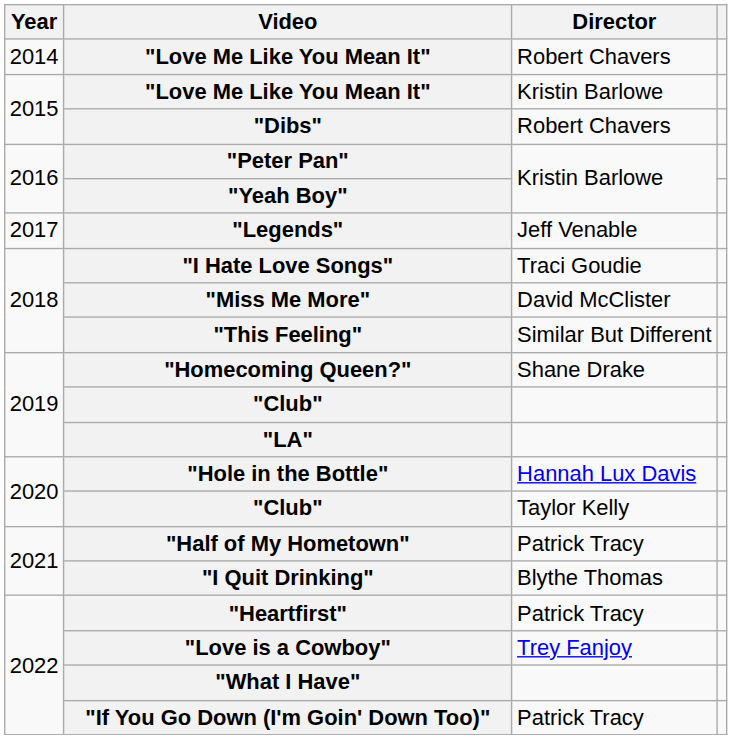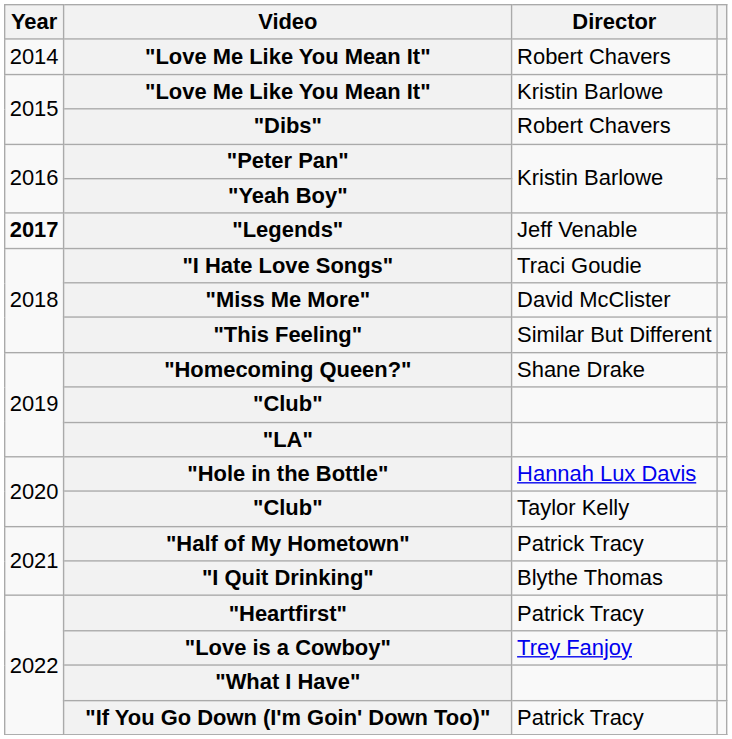 <table class="wikitable plainrowheaders">
 <tr>
 <th>Year</th>
 <th style="width:20em;">Video</th>
 <th>Director</th>
 <th></th>
 </tr>
 <tr>
 <td>2014</td>
 <th scope="row">"Love Me Like You Mean It" </th>
 <td>Robert Chavers</td>
 <td></td>
 </tr>
 <tr>
 <td rowspan="2">2015</td>
 <th scope="row">"Love Me Like You Mean It"</th>
 <td>Kristin Barlowe</td>
 <td></td>
 </tr>
 <tr>
 <th scope="row">"Dibs"</th>
 <td>Robert Chavers</td>
 <td></td>
 </tr>
 <tr>
 <td rowspan="2">2016</td>
 <th scope="row">"Peter Pan"</th>
 <td rowspan="2">Kristin Barlowe</td>
 <td></td>
 </tr>
 <tr>
 <th scope="row">"Yeah Boy"</th>
 <td></td>
 </tr>
 <tr>
-<td>2017</td>
+<td><strong>2017</strong></td>
 <th scope="row">"Legends"</th>
 <td>Jeff Venable</td>
 <td></td>
 </tr>
 <tr>
 <td rowspan="3">2018</td>
 <th scope="row">"I Hate Love Songs"</th>
 <td>Traci Goudie</td>
 <td></td>
 </tr>
 <tr>
 <th scope="row">"Miss Me More"</th>
 <td>David McClister</td>
 <td></td>
 </tr>
 <tr>
 <th scope="row">"This Feeling" </th>
 <td>Similar But Different</td>
 <td></td>
 </tr>
 <tr>
 <td rowspan="3">2019</td>
 <th scope="row">"Homecoming Queen?"</th>
 <td>Shane Drake</td>
 <td></td>
 </tr>
 <tr>
 <th scope="row">"Club"</th>
 <td></td>
 <td></td>
 </tr>
 <tr>
 <th scope="row">"LA"</th>
 <td></td>
 <td></td>
 </tr>
 <tr>
 <td rowspan="2">2020</td>
 <th scope="row">"Hole in the Bottle"</th>
 <td><a href='#'>Hannah Lux Davis</a></td>
 <td></td>
 </tr>
 <tr>
 <th scope="row">"Club" </th>
 <td>Taylor Kelly</td>
 <td></td>
 </tr>
 <tr>
 <td rowspan="2">2021</td>
 <th scope="row">"Half of My Hometown"</th>
 <td>Patrick Tracy</td>
 <td></td>
 </tr>
 <tr>
 <th scope="row">"I Quit Drinking"</th>
 <td>Blythe Thomas</td>
 <td></td>
 </tr>
 <tr>
 <td rowspan="4">2022</td>
 <th scope="row">"Heartfirst"</th>
 <td>Patrick Tracy</td>
 <td></td>
 </tr>
 <tr>
 <th scope="row">"Love is a Cowboy"</th>
 <td><a href='#'>Trey Fanjoy</a></td>
 <td></td>
 </tr>
 <tr>
 <th scope="row">"What I Have"</th>
 <td></td>
 <td></td>
 </tr>
 <tr>
 <th scope="row">"If You Go Down (I'm Goin' Down Too)"</th>
 <td>Patrick Tracy</td>
 <td></td>
 </tr>
 <tr>
 </tr>
 </table>
